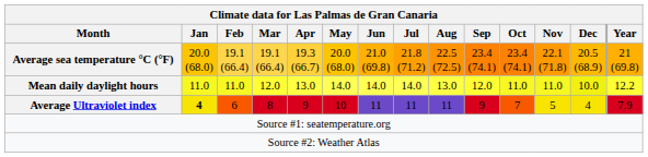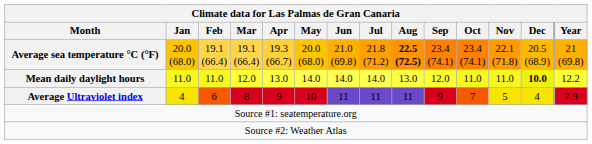 <table style="width:100%;text-align:center;line-height:1.2em;margin-left:auto;margin-right:auto" class="wikitable mw-collapsible">
 <tr>
 <th Colspan=14>Climate data for Las Palmas de Gran Canaria</th>
 </tr>
 <tr>
 <th>Month</th>
 <th>Jan</th>
 <th>Feb</th>
 <th>Mar</th>
 <th>Apr</th>
 <th>May</th>
 <th>Jun</th>
 <th>Jul</th>
 <th>Aug</th>
 <th>Sep</th>
 <th>Oct</th>
 <th>Nov</th>
 <th>Dec</th>
 <th style="border-left-width:medium">Year</th>
 </tr>
 <tr>
 <th>Average sea temperature °C (°F)</th>
 <td style="background:#FFC400;color:#000000;">20.0<br>(68.0)</td>
 <td style="background:#FFD54C;color:#000000;">19.1<br>(66.4)</td>
 <td style="background:#FFD54C;color:#000000;">19.1<br>(66.4)</td>
 <td style="background:#FFD13B;color:#000000;">19.3<br>(66.7)</td>
 <td style="background:#FFC400;color:#000000;">20.0<br>(68.0)</td>
 <td style="background:#FFB000;color:#000000;">21.0<br>(69.8)</td>
 <td style="background:#FFA000;color:#000000;">21.8<br>(71.2)</td>
-<td style="background:#FF9300;color:#000000;">22.5<br>(72.5)</td>
+<td style="background:#FF9300;color:#000000;"><strong>22.5<br>(72.5)</strong></td>
 <td style="background:#FF8100;color:#000000;">23.4<br>(74.1)</td>
 <td style="background:#FF8100;color:#000000;">23.4<br>(74.1)</td>
 <td style="background:#FF9A00;color:#000000;">22.1<br>(71.8)</td>
 <td style="background:#FFBA00;color:#000000;">20.5<br>(68.9)</td>
 <td style="background:#FFB000;color:#000000;border-left-width:medium">21<br>(69.8)</td>
 </tr>
 <tr>
 <th>Mean daily daylight hours</th>
 <td style="background:#F7F722;color:#000000;">11.0</td>
 <td style="background:#F7F722;color:#000000;">11.0</td>
 <td style="background:#FFFF33;color:#000000;">12.0</td>
 <td style="background:#FFFF44;color:#000000;">13.0</td>
 <td style="background:#FFFF55;color:#000000;">14.0</td>
 <td style="background:#FFFF55;color:#000000;">14.0</td>
 <td style="background:#FFFF55;color:#000000;">14.0</td>
 <td style="background:#FFFF44;color:#000000;">13.0</td>
 <td style="background:#FFFF33;color:#000000;">12.0</td>
 <td style="background:#F7F722;color:#000000;">11.0</td>
 <td style="background:#F7F722;color:#000000;">11.0</td>
-<td style="background:#F0F011;color:#000000;">10.0</td>
+<td style="background:#F0F011;color:#000000;"><strong>10.0</strong></td>
 <td style="background:#FFFF35;color:#000000;">12.2</td>
 </tr>
 <tr>
 <th>Average <a href='#'>Ultraviolet index</a></th>
-<td style="background:#f7e400;color:#000000;"><strong>4</strong></td>
+<td style="background:#f7e400;color:#000000;">4</td>
 <td style="background:#f85900;color:#000000;">6</td>
 <td style="background:#d8001d;color:#000000;">8</td>
 <td style="background:#d8001d;color:#000000;">9</td>
 <td style="background:#d8001d;color:#000000;">10</td>
 <td style="background:#6b49c8;color:#000000;">11</td>
 <td style="background:#6b49c8;color:#000000;">11</td>
 <td style="background:#6b49c8;color:#000000;">11</td>
 <td style="background:#d8001d;color:#000000;">9</td>
 <td style="background:#f85900;color:#000000;">7</td>
 <td style="background:#f7e400;color:#000000;">5</td>
 <td style="background:#f7e400;color:#000000;">4</td>
 <td style="background:#d8001d;color:#000000;border-left-width:medium">7.9</td>
 </tr>
 <tr>
 <th Colspan=14 style="background:#f8f9fa;font-weight:normal;font-size:95%;">Source #1: seatemperature.org</th>
 </tr>
 <tr>
 <th Colspan=14 style="background:#f8f9fa;font-weight:normal;font-size:95%;">Source #2: Weather Atlas</th>
 </tr>
 </table>
